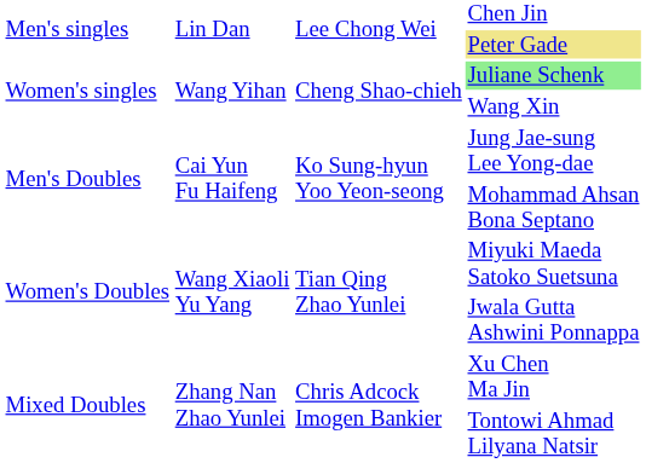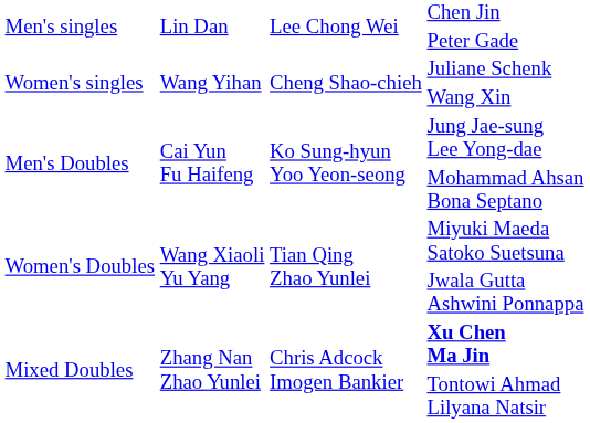 <table>
 <tr>
 <td rowspan=2><a href='#'>Men's singles</a></td>
 <td rowspan=2> <a href='#'>Lin Dan</a></td>
 <td rowspan=2> <a href='#'>Lee Chong Wei</a></td>
 <td> <a href='#'>Chen Jin</a></td>
 </tr>
 <tr>
-<td style="background: khaki;"> <a href='#'>Peter Gade</a></td>
+<td> <a href='#'>Peter Gade</a></td>
 </tr>
 <tr>
 <td rowspan=2><a href='#'>Women's singles</a></td>
 <td rowspan=2> <a href='#'>Wang Yihan</a></td>
 <td rowspan=2> <a href='#'>Cheng Shao-chieh</a></td>
-<td style="background: lightgreen;"> <a href='#'>Juliane Schenk</a></td>
+<td> <a href='#'>Juliane Schenk</a></td>
 </tr>
 <tr>
 <td> <a href='#'>Wang Xin</a></td>
 </tr>
 <tr>
 <td rowspan=2><a href='#'>Men's Doubles</a></td>
 <td rowspan=2> <a href='#'>Cai Yun</a> <br> <a href='#'>Fu Haifeng</a></td>
 <td rowspan=2> <a href='#'>Ko Sung-hyun</a> <br> <a href='#'>Yoo Yeon-seong</a></td>
 <td> <a href='#'>Jung Jae-sung</a> <br> <a href='#'>Lee Yong-dae</a></td>
 </tr>
 <tr>
 <td> <a href='#'>Mohammad Ahsan</a> <br> <a href='#'>Bona Septano</a></td>
 </tr>
 <tr>
 <td rowspan=2><a href='#'>Women's Doubles</a></td>
 <td rowspan=2> <a href='#'>Wang Xiaoli</a> <br> <a href='#'>Yu Yang</a></td>
 <td rowspan=2> <a href='#'>Tian Qing</a> <br> <a href='#'>Zhao Yunlei</a></td>
 <td> <a href='#'>Miyuki Maeda</a> <br> <a href='#'>Satoko Suetsuna</a></td>
 </tr>
 <tr>
 <td> <a href='#'>Jwala Gutta</a> <br> <a href='#'>Ashwini Ponnappa</a></td>
 </tr>
 <tr>
 <td rowspan=2><a href='#'>Mixed Doubles</a></td>
 <td rowspan=2> <a href='#'>Zhang Nan</a><br> <a href='#'>Zhao Yunlei</a></td>
 <td rowspan=2> <a href='#'>Chris Adcock</a><br> <a href='#'>Imogen Bankier</a></td>
-<td> <a href='#'>Xu Chen</a> <br> <a href='#'>Ma Jin</a></td>
+<td><strong> <a href='#'>Xu Chen</a> <br> <a href='#'>Ma Jin</a></strong></td>
 </tr>
 <tr>
 <td> <a href='#'>Tontowi Ahmad</a> <br> <a href='#'>Lilyana Natsir</a></td>
 </tr>
 </table>
